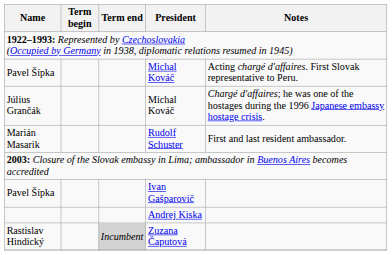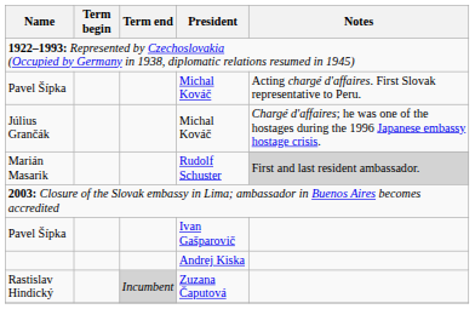 <table class="wikitable sortable">
 <tr>
 <th>Name</th>
 <th>Term begin</th>
 <th>Term end</th>
 <th>President</th>
 <th class="unsortable">Notes</th>
 </tr>
 <tr>
 <td colspan=6><div><strong>1922–1993:</strong> <em>Represented by  <a href='#'>Czechoslovakia</a><br>(<a href='#'>Occupied by Germany</a> in 1938, diplomatic relations resumed in 1945)</em></div></td>
 </tr>
 <tr>
 <td>Pavel Šípka</td>
 <td></td>
 <td></td>
 <td><a href='#'>Michal Kováč</a></td>
 <td>Acting <em>chargé d'affaires</em>. First Slovak representative to Peru.</td>
 </tr>
 <tr>
 <td>Július Grančák</td>
 <td></td>
 <td></td>
 <td>Michal Kováč</td>
 <td><em>Chargé d'affaires</em>; he was one of the hostages during the 1996 <a href='#'>Japanese embassy hostage crisis</a>.</td>
 </tr>
 <tr>
 <td>Marián Masarik</td>
 <td></td>
 <td></td>
 <td><a href='#'>Rudolf Schuster</a></td>
-<td>First and last resident ambassador.</td>
+<td style="background: lightgrey;">First and last resident ambassador.</td>
 </tr>
 <tr>
 <td colspan=6><div><strong>2003:</strong> <em>Closure of the Slovak embassy in Lima; ambassador in <a href='#'>Buenos Aires</a> becomes accredited</em></div></td>
 </tr>
 <tr>
 <td>Pavel Šípka</td>
 <td></td>
 <td></td>
 <td><a href='#'>Ivan Gašparovič</a></td>
 <td></td>
 </tr>
 <tr>
 <td></td>
 <td></td>
 <td></td>
 <td><a href='#'>Andrej Kiska</a></td>
 <td></td>
 </tr>
 <tr>
 <td>Rastislav Hindický</td>
 <td></td>
 <td style="background: lightgrey;"><em>Incumbent</em></td>
 <td><a href='#'>Zuzana Čaputová</a></td>
 <td></td>
 </tr>
 <tr>
 </tr>
 </table>
